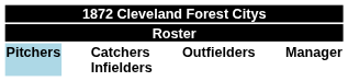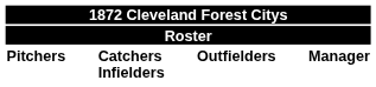 <table class="toccolours" style="font-size: 95%;">
 <tr>
 <th colspan="10" style="background-color: black; color: white; text-align: center;">1872 Cleveland Forest Citys</th>
 </tr>
 <tr>
 <td colspan="10" style="background-color:black; color: white; text-align: center;"><strong>Roster</strong></td>
 </tr>
 <tr>
-<td valign="top" style="background: lightblue;"><strong>Pitchers</strong><br></td>
+<td valign="top"><strong>Pitchers</strong><br></td>
 <td width="25px"></td>
 <td valign="top"><strong>Catchers</strong><br>  <strong>Infielders</strong>     </td>
 <td width="25px"></td>
 <td valign="top"><strong>Outfielders</strong><br>   </td>
 <td width="25px"></td>
 <td valign="top"><strong>Manager</strong><br> </td>
 </tr>
 </table>
